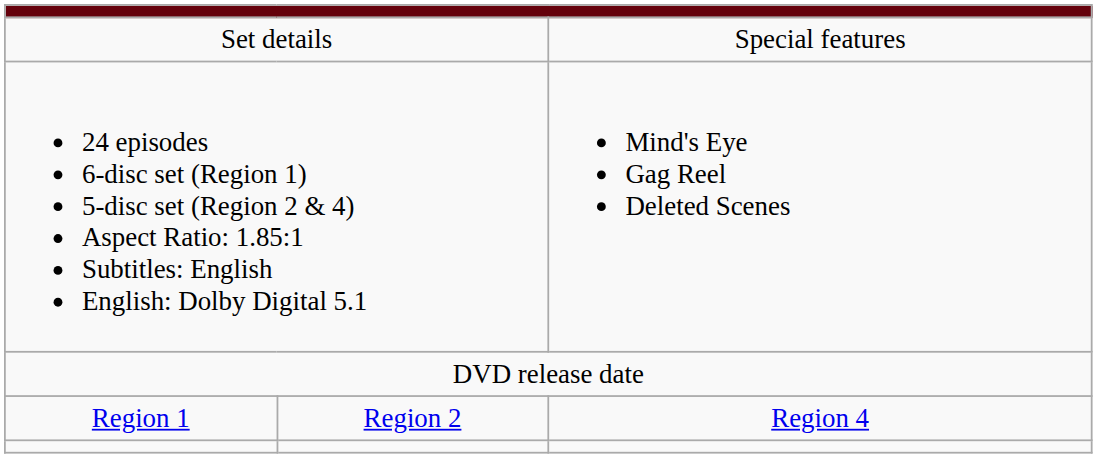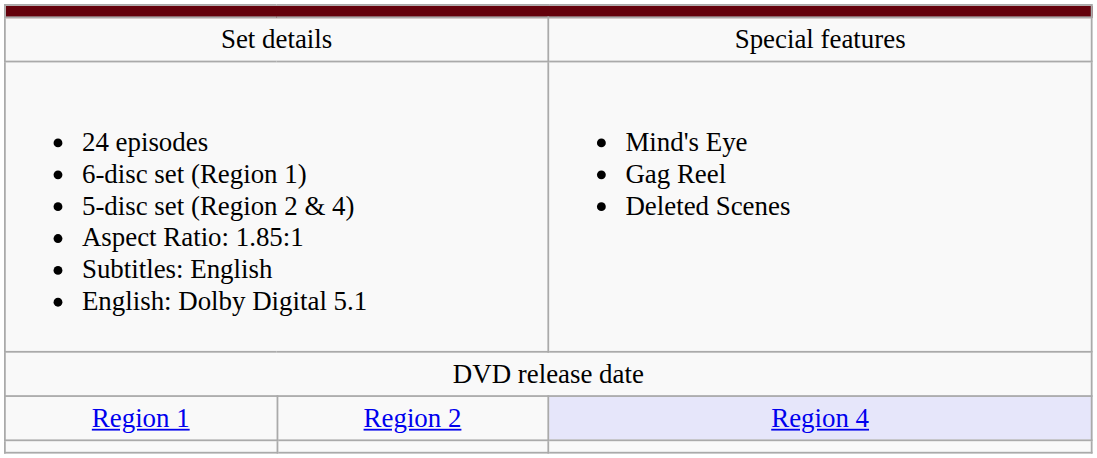 <table class="wikitable" style="font-size: 95%;">
 <tr style="background:#65000B">
 <td colspan="4" style="text-align:center;"></td>
 </tr>
 <tr style="text-align:center;">
 <td style="width:300px;" colspan="2">Set details</td>
 <td style="width:300px;" colspan="2">Special features</td>
 </tr>
 <tr valign="top">
 <td colspan="2"  style="text-align:left; width:300px;"><br><ul><li>24 episodes</li><li>6-disc set (Region 1)</li><li>5-disc set (Region 2 & 4)</li><li>Aspect Ratio: 1.85:1</li><li>Subtitles: English</li><li>English: Dolby Digital 5.1</li></ul></td>
 <td colspan="3" style="text-align:left; width:300px;"><br><ul><li>Mind's Eye</li><li>Gag Reel</li><li>Deleted Scenes</li></ul></td>
 </tr>
 <tr>
 <td colspan="3" style="text-align:center;">DVD release date</td>
 </tr>
 <tr style="text-align:center;">
 <td><a href='#'>Region 1</a></td>
 <td><a href='#'>Region 2</a></td>
-<td><a href='#'>Region 4</a></td>
+<td style="background: lavender;"><a href='#'>Region 4</a></td>
 </tr>
 <tr style="text-align:center;">
 <td></td>
 <td></td>
 <td></td>
 </tr>
 </table>
